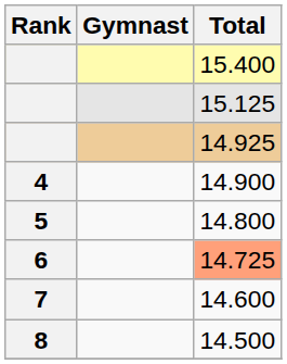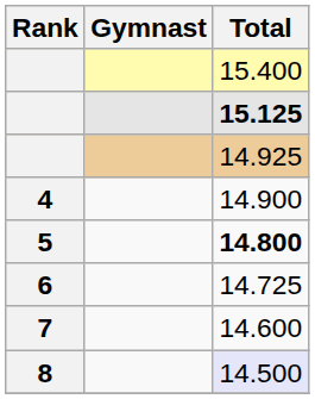 <table class="wikitable sortable" style="text-align:center; font-size:95%">
 <tr>
 <th scope=col>Rank</th>
 <th scope=col>Gymnast</th>
 <th scope=col>Total</th>
 </tr>
 <tr bgcolor=fffcaf>
 <th scope=row style="text-align:center"></th>
 <td align=left></td>
 <td>15.400</td>
 </tr>
 <tr bgcolor=e5e5e5>
 <th scope=row style="text-align:center"></th>
 <td align=left></td>
-<td>15.125</td>
+<td><strong>15.125</strong></td>
 </tr>
 <tr bgcolor=eecc99>
 <th scope=row style="text-align:center"></th>
 <td align=left></td>
 <td>14.925</td>
 </tr>
 <tr>
 <th scope=row style="text-align:center">4</th>
 <td align=left></td>
 <td>14.900</td>
 </tr>
 <tr>
 <th scope=row style="text-align:center">5</th>
 <td align=left></td>
-<td>14.800</td>
+<td><strong>14.800</strong></td>
 </tr>
 <tr>
 <th scope=row style="text-align:center">6</th>
 <td align=left></td>
-<td style="background: lightsalmon;">14.725</td>
+<td>14.725</td>
 </tr>
 <tr>
 <th scope=row style="text-align:center">7</th>
 <td align=left></td>
 <td>14.600</td>
 </tr>
 <tr>
 <th scope=row style="text-align:center">8</th>
 <td align=left></td>
-<td>14.500</td>
+<td style="background: lavender;">14.500</td>
 </tr>
 <tr>
 </tr>
 </table>
